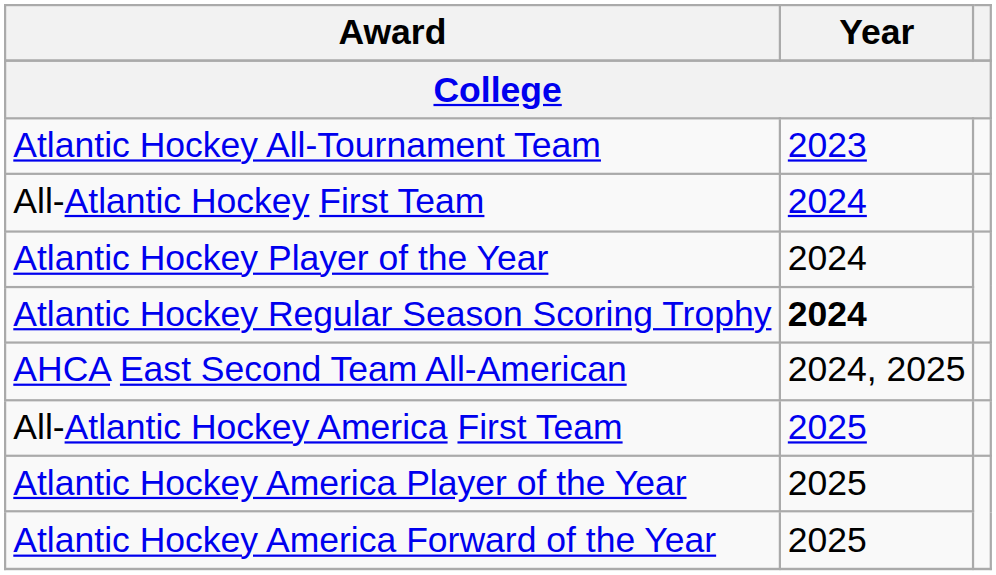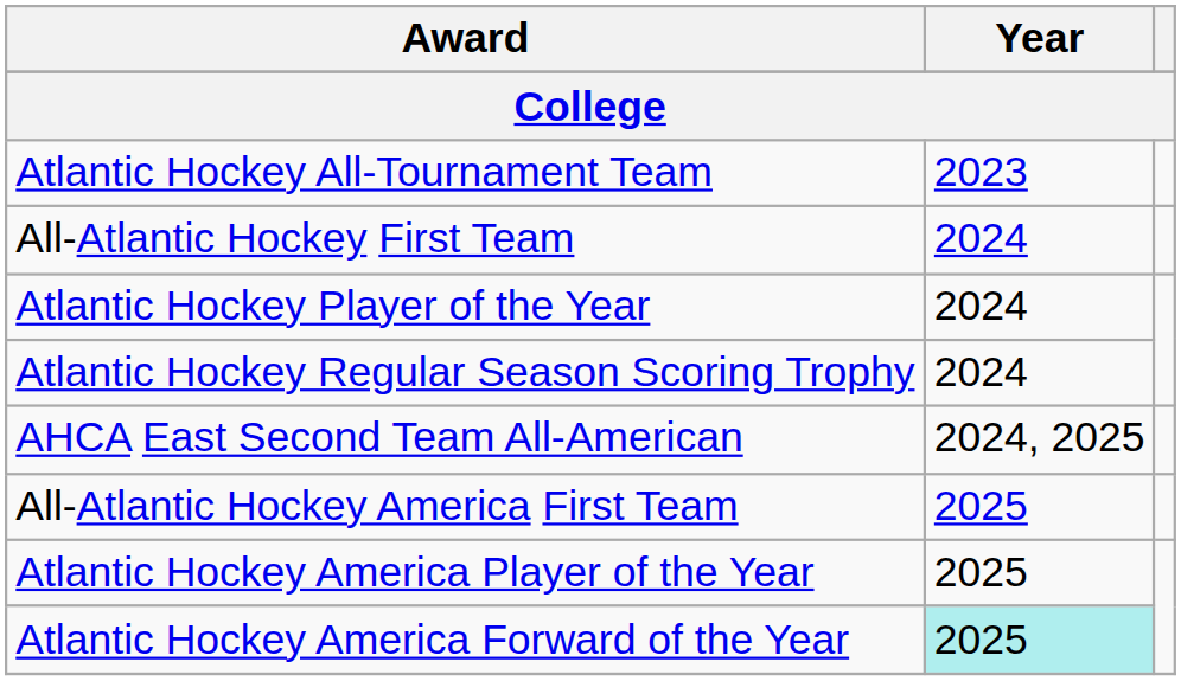 <table class="wikitable">
 <tr>
 <th>Award</th>
 <th>Year</th>
 <th></th>
 </tr>
 <tr ALIGN="center" bgcolor="#e0e0e0">
 </tr>
 <tr ALIGN="center" bgcolor="#e0e0e0">
 <th colspan="3"><a href='#'>College</a></th>
 </tr>
 <tr>
 <td><a href='#'>Atlantic Hockey All-Tournament Team</a></td>
 <td><a href='#'>2023</a></td>
 <td></td>
 </tr>
 <tr>
 <td>All-<a href='#'>Atlantic Hockey</a> <a href='#'>First Team</a></td>
 <td><a href='#'>2024</a></td>
 <td></td>
 </tr>
 <tr>
 <td><a href='#'>Atlantic Hockey Player of the Year</a></td>
 <td>2024</td>
 <td rowspan="2"></td>
 </tr>
 <tr>
 <td><a href='#'>Atlantic Hockey Regular Season Scoring Trophy</a></td>
-<td><strong>2024</strong></td>
+<td>2024</td>
 </tr>
 <tr>
 <td><a href='#'>AHCA</a> <a href='#'>East Second Team All-American</a></td>
 <td>2024, 2025</td>
 <td></td>
 </tr>
 <tr>
 <td>All-<a href='#'>Atlantic Hockey America</a> <a href='#'>First Team</a></td>
 <td><a href='#'>2025</a></td>
 <td></td>
 </tr>
 <tr>
 <td><a href='#'>Atlantic Hockey America Player of the Year</a></td>
 <td>2025</td>
 <td rowspan="2"></td>
 </tr>
 <tr>
 <td><a href='#'>Atlantic Hockey America Forward of the Year</a></td>
-<td>2025</td>
+<td style="background: paleturquoise;">2025</td>
 </tr>
 <tr>
 </tr>
 </table>
